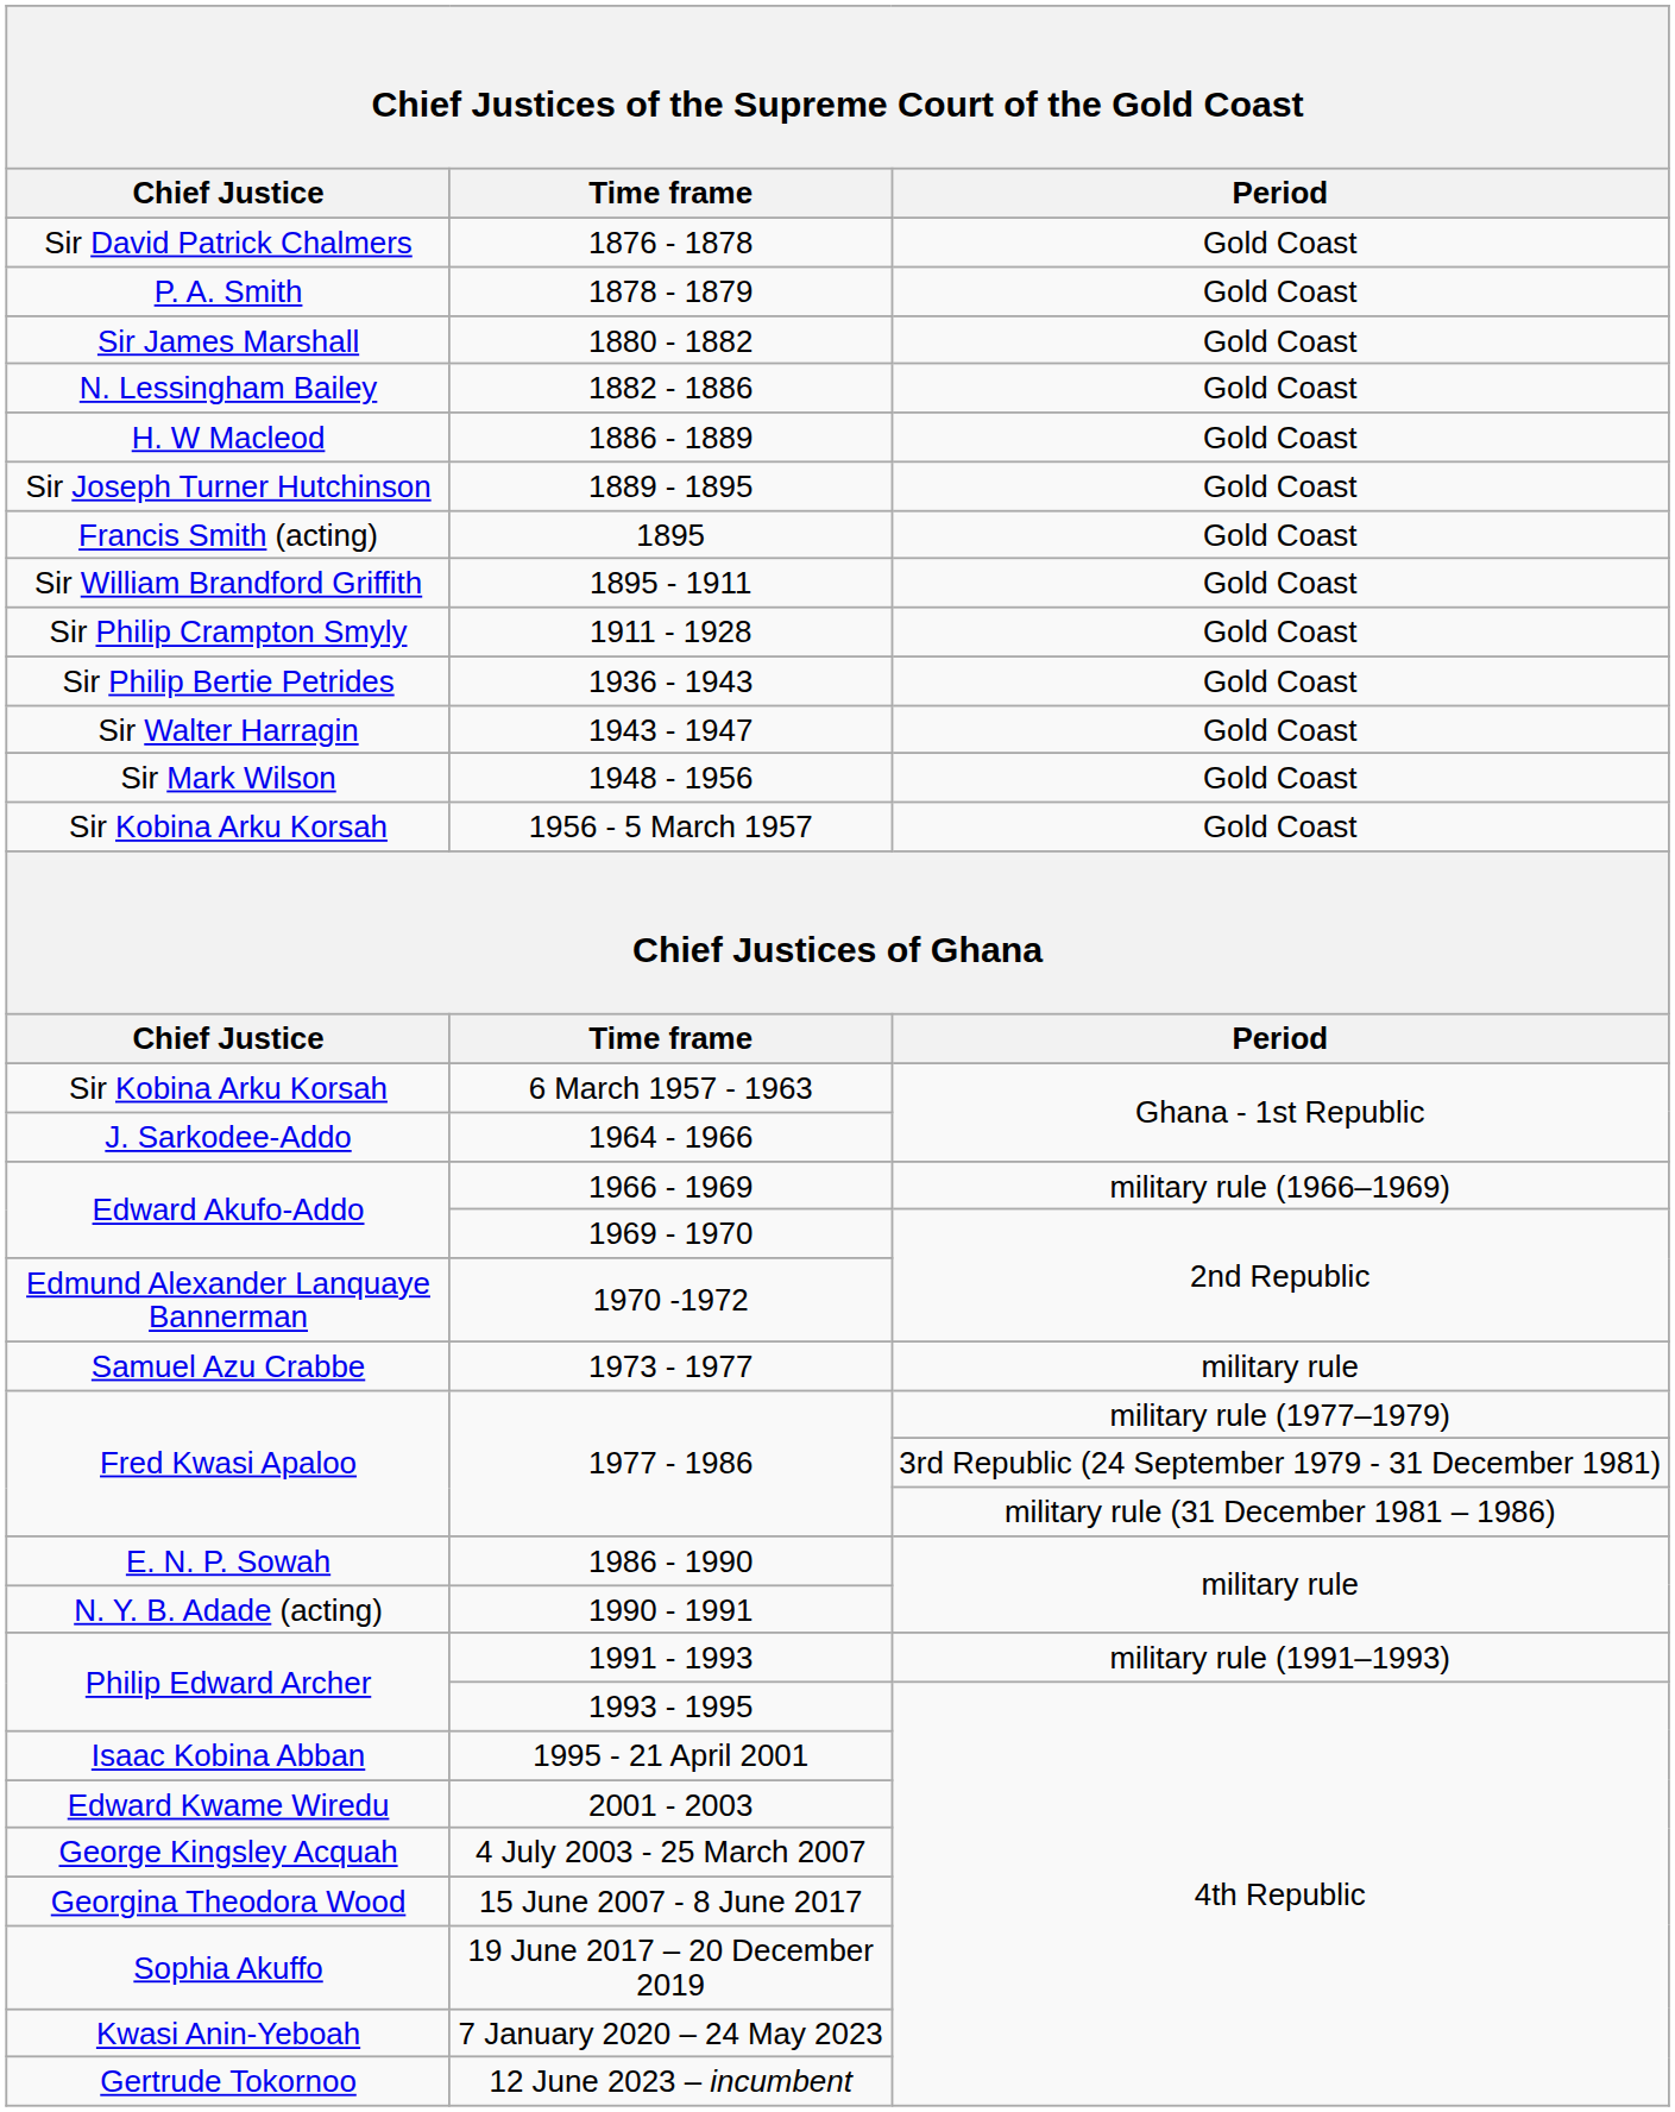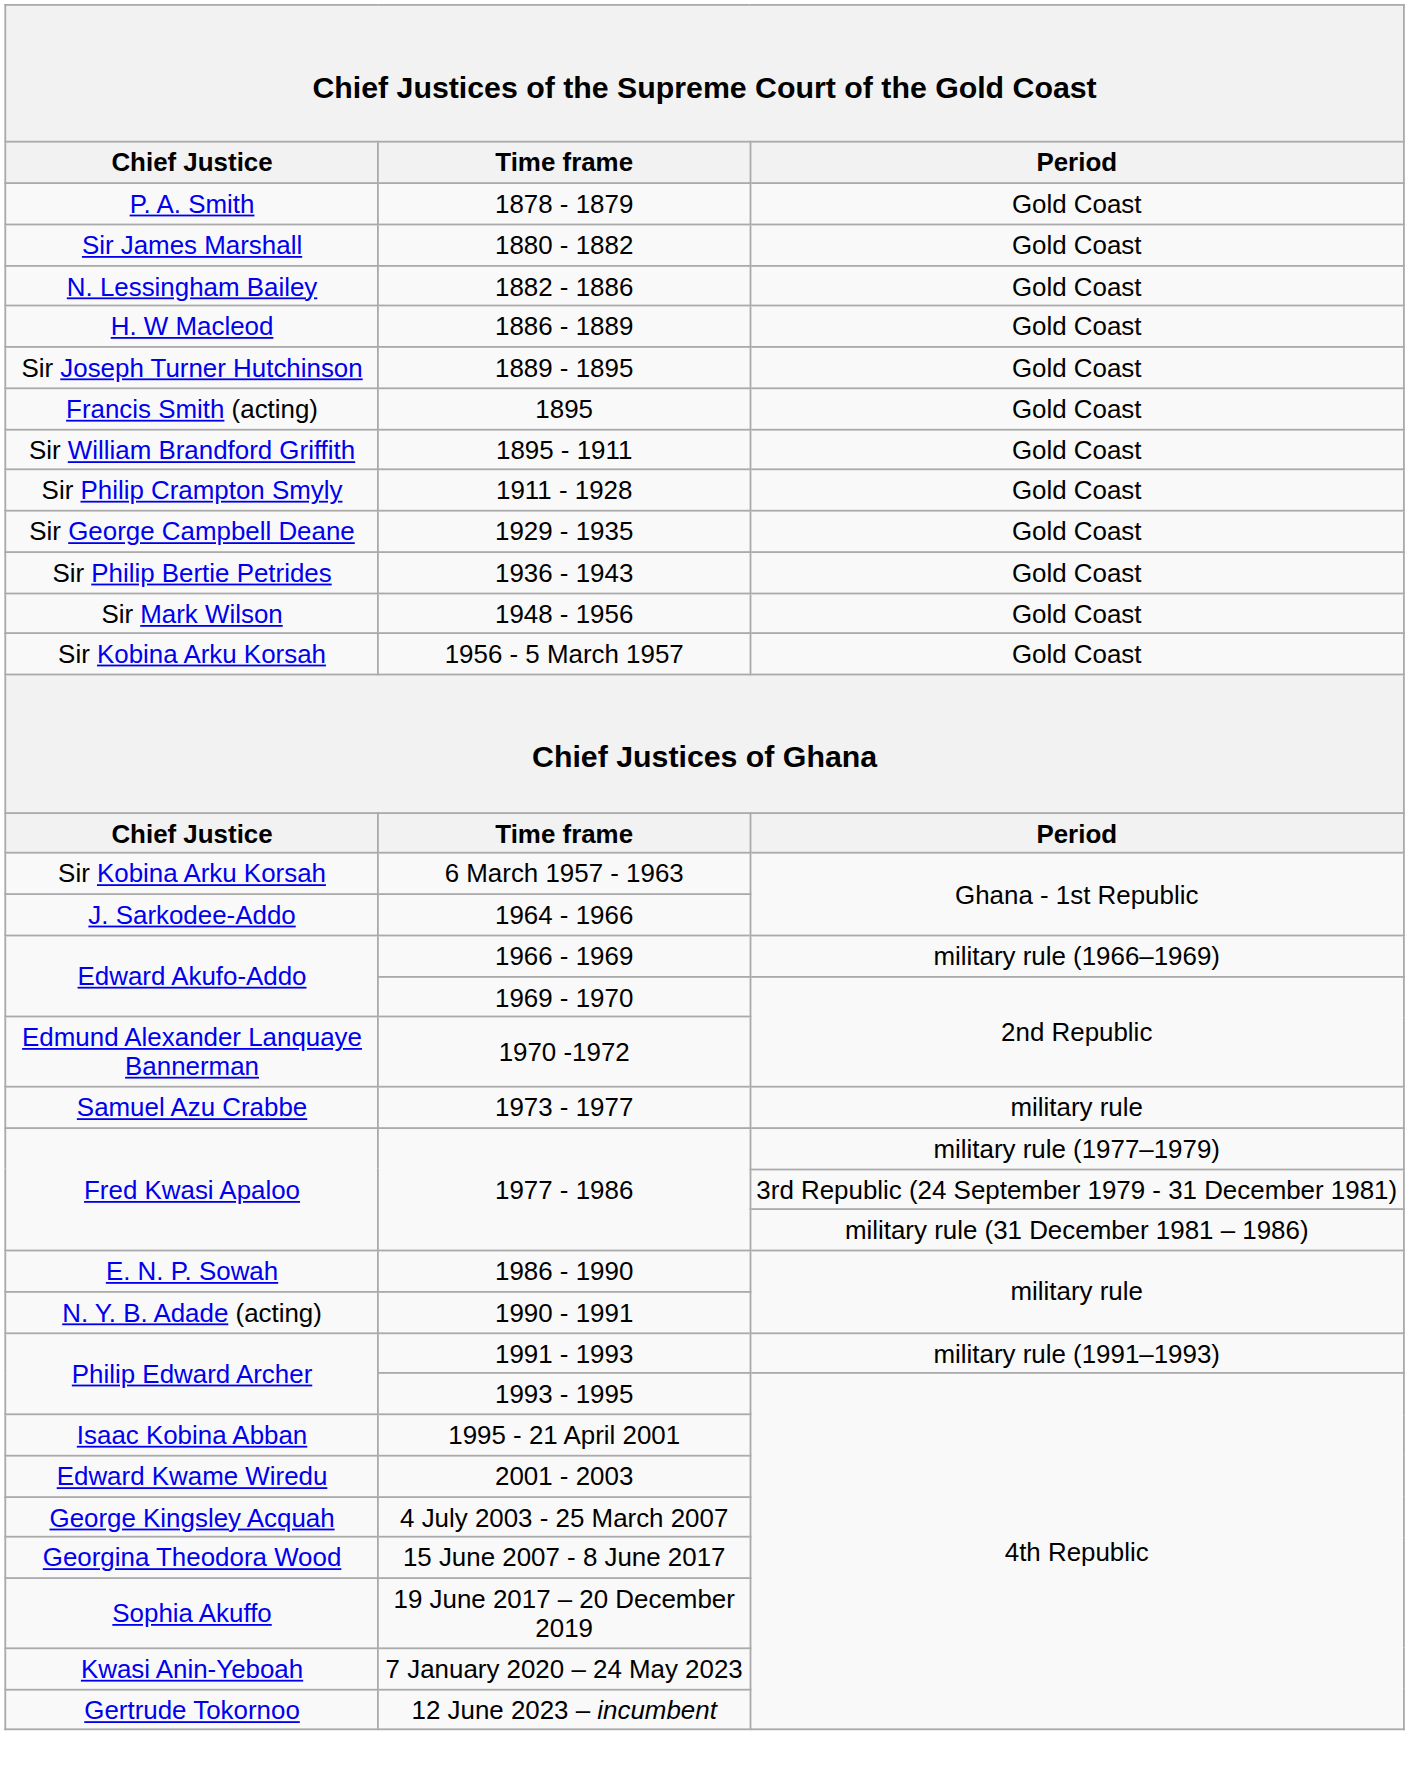 <table class="wikitable" style="margin:1em auto; font-size:90%; text-align:center;">
 <tr>
 <th colspan=3><br><h3>Chief Justices of the Supreme Court of the Gold Coast</h3></th>
 </tr>
 <tr>
 <th width=200>Chief Justice</th>
 <th width=200>Time frame</th>
 <th>Period</th>
-</tr>
-<tr>
-<td>Sir <a href='#'>David Patrick Chalmers</a></td>
-<td>1876 - 1878</td>
-<td>Gold Coast</td>
 </tr>
 <tr>
 <td><a href='#'>P. A. Smith</a></td>
 <td>1878 - 1879</td>
 <td>Gold Coast</td>
 </tr>
 <tr>
 <td><a href='#'>Sir James Marshall</a></td>
 <td>1880 - 1882</td>
 <td>Gold Coast</td>
 </tr>
 <tr>
 <td><a href='#'>N. Lessingham Bailey</a></td>
 <td>1882 - 1886</td>
 <td>Gold Coast</td>
 </tr>
 <tr>
 <td><a href='#'>H. W Macleod</a></td>
 <td>1886 - 1889</td>
 <td>Gold Coast</td>
 </tr>
 <tr>
 <td>Sir <a href='#'>Joseph Turner Hutchinson</a></td>
 <td>1889 - 1895</td>
 <td>Gold Coast</td>
 </tr>
 <tr>
 <td><a href='#'>Francis Smith</a> (acting)</td>
 <td>1895</td>
 <td>Gold Coast</td>
 </tr>
 <tr>
 <td>Sir <a href='#'>William Brandford Griffith</a></td>
 <td>1895 - 1911</td>
 <td>Gold Coast</td>
 </tr>
 <tr>
 <td>Sir <a href='#'>Philip Crampton Smyly</a></td>
 <td>1911 - 1928</td>
 <td>Gold Coast</td>
 </tr>
 <tr>
-<td>Sir <a href='#'>Philip Bertie Petrides</a></td>
-<td>1936 - 1943</td>
+<td>Sir <a href='#'>George Campbell Deane</a></td>
+<td>1929 - 1935</td>
 <td>Gold Coast</td>
 </tr>
 <tr>
-<td>Sir <a href='#'>Walter Harragin</a></td>
-<td>1943 - 1947</td>
+<td>Sir <a href='#'>Philip Bertie Petrides</a></td>
+<td>1936 - 1943</td>
 <td>Gold Coast</td>
 </tr>
 <tr>
 <td>Sir <a href='#'>Mark Wilson</a></td>
 <td>1948 - 1956</td>
 <td>Gold Coast</td>
 </tr>
 <tr>
 <td>Sir <a href='#'>Kobina Arku Korsah</a></td>
 <td>1956 - 5 March 1957</td>
 <td>Gold Coast</td>
 </tr>
 <tr>
 <th colspan=3><br><h3>Chief Justices of Ghana</h3></th>
 </tr>
 <tr>
 <th width=200>Chief Justice</th>
 <th width=200>Time frame</th>
 <th>Period</th>
 </tr>
 <tr>
 <td>Sir <a href='#'>Kobina Arku Korsah</a></td>
 <td>6 March 1957 - 1963</td>
 <td rowspan=2>Ghana - 1st Republic</td>
 </tr>
 <tr>
 <td><a href='#'>J. Sarkodee-Addo</a></td>
 <td>1964 - 1966</td>
 </tr>
 <tr>
 <td rowspan=2><a href='#'>Edward Akufo-Addo</a></td>
 <td>1966 - 1969</td>
 <td>military rule (1966–1969)</td>
 </tr>
 <tr>
 <td>1969 - 1970</td>
 <td rowspan=2>2nd Republic</td>
 </tr>
 <tr>
 <td><a href='#'>Edmund Alexander Lanquaye Bannerman</a></td>
 <td>1970 -1972</td>
 </tr>
 <tr>
 <td><a href='#'>Samuel Azu Crabbe</a></td>
 <td>1973 - 1977</td>
 <td>military rule</td>
 </tr>
 <tr>
 <td rowspan=3><a href='#'>Fred Kwasi Apaloo</a></td>
 <td rowspan=3>1977 - 1986</td>
 <td>military rule (1977–1979)</td>
 </tr>
 <tr>
 <td>3rd Republic (24 September 1979 - 31 December 1981)</td>
 </tr>
 <tr>
 <td>military rule (31 December 1981 – 1986)</td>
 </tr>
 <tr>
 <td><a href='#'>E. N. P. Sowah</a></td>
 <td>1986 - 1990</td>
 <td rowspan="2">military rule</td>
 </tr>
 <tr>
 <td><a href='#'>N. Y. B. Adade</a> (acting)</td>
 <td>1990 - 1991</td>
 </tr>
 <tr>
 <td rowspan=2><a href='#'>Philip Edward Archer</a></td>
 <td>1991 - 1993</td>
 <td>military rule (1991–1993)</td>
 </tr>
 <tr>
 <td>1993 - 1995</td>
 <td rowspan="8">4th Republic</td>
 </tr>
 <tr>
 <td><a href='#'>Isaac Kobina Abban</a></td>
 <td>1995 - 21 April 2001</td>
 </tr>
 <tr>
 <td><a href='#'>Edward Kwame Wiredu</a></td>
 <td>2001 - 2003</td>
 </tr>
 <tr>
 <td><a href='#'>George Kingsley Acquah</a></td>
 <td>4 July 2003 - 25 March 2007</td>
 </tr>
 <tr>
 <td><a href='#'>Georgina Theodora Wood</a></td>
 <td> 15 June 2007 - 8 June 2017</td>
 </tr>
 <tr>
 <td><a href='#'>Sophia Akuffo</a></td>
 <td>19 June 2017 – 20 December 2019</td>
 </tr>
 <tr>
 <td><a href='#'>Kwasi Anin-Yeboah</a></td>
 <td>7 January 2020 – 24 May 2023</td>
 </tr>
 <tr>
 <td><a href='#'>Gertrude Tokornoo</a></td>
 <td>12 June 2023 – <em>incumbent</em></td>
 </tr>
 </table>
